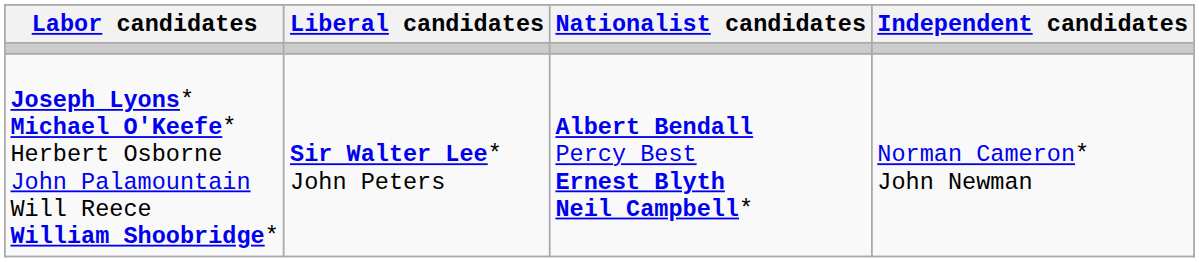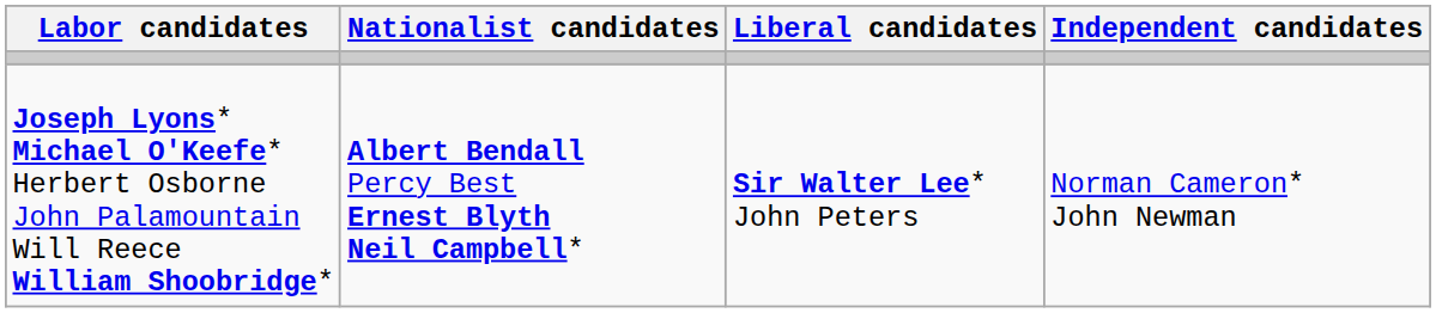 <table class="wikitable">
 <tr>
 <th><a href='#'>Labor</a> candidates</th>
+<th><a href='#'>Nationalist</a> candidates</th>
 <th><a href='#'>Liberal</a> candidates</th>
-<th><a href='#'>Nationalist</a> candidates</th>
 <th><a href='#'>Independent</a> candidates</th>
 </tr>
 <tr bgcolor="#cccccc">
 <td></td>
 <td></td>
 <td></td>
 <td></td>
 </tr>
 <tr>
 <td><br><strong><a href='#'>Joseph Lyons</a></strong>*<br> <strong><a href='#'>Michael O'Keefe</a></strong>*<br> Herbert Osborne<br> <a href='#'>John Palamountain</a><br> Will Reece<br> <strong><a href='#'>William Shoobridge</a></strong>*</td>
+<td><br><strong><a href='#'>Albert Bendall</a></strong><br> <a href='#'>Percy Best</a><br> <strong><a href='#'>Ernest Blyth</a></strong><br> <strong><a href='#'>Neil Campbell</a></strong>*</td>
 <td><br><strong><a href='#'>Sir Walter Lee</a></strong>*<br> John Peters</td>
-<td><br><strong><a href='#'>Albert Bendall</a></strong><br> <a href='#'>Percy Best</a><br> <strong><a href='#'>Ernest Blyth</a></strong><br> <strong><a href='#'>Neil Campbell</a></strong>*</td>
 <td><br><a href='#'>Norman Cameron</a>*<br> John Newman</td>
 </tr>
 </table>
